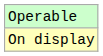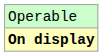 <table class="wikitable plainrowheaders">
 <tr>
 <td style="background:#cfc;">Operable</td>
 </tr>
 <tr>
-<td style="background:#ffb;">On display</td>
+<td style="background:#ffb;"><strong>On display</strong></td>
 </tr>
 </table>
